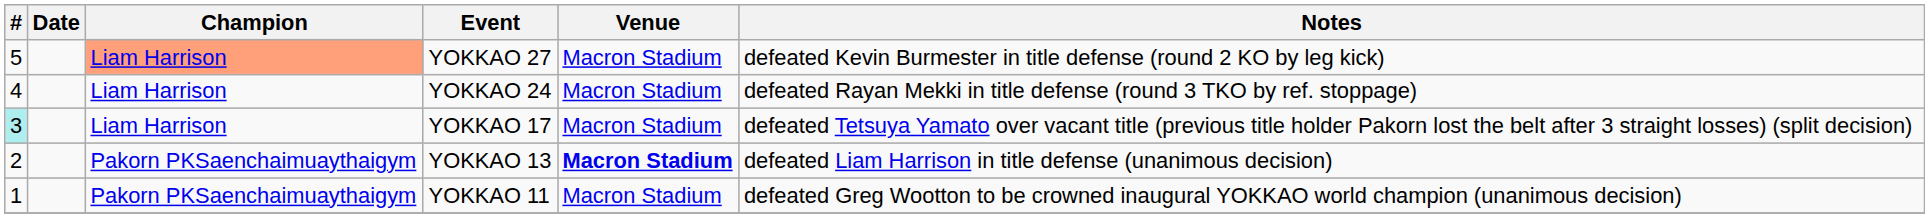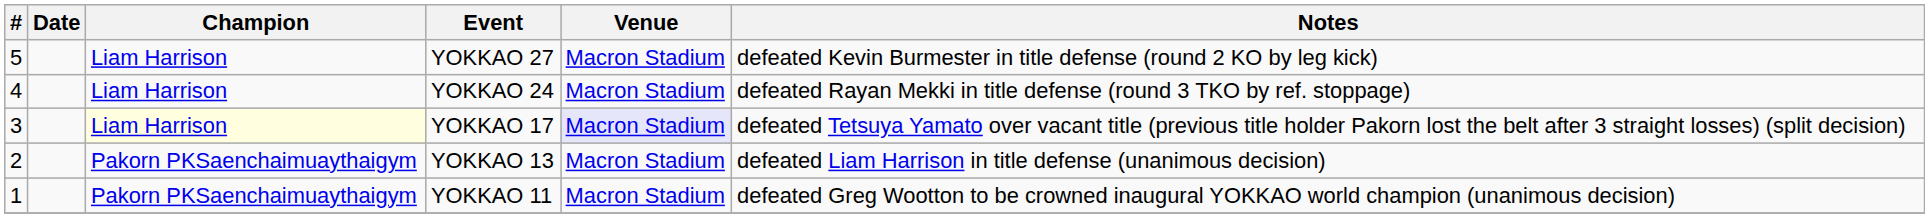 <table id="Events" class="wikitable sortable" style="width:100%; font-size:90%;">
 <tr>
 <th scope="col">#</th>
 <th scope="col">Date</th>
 <th scope="col">Champion</th>
 <th scope="col">Event</th>
 <th scope="col">Venue</th>
 <th scope="col">Notes</th>
 </tr>
 <tr>
 <td align=center>5</td>
 <td></td>
-<td style="background: lightsalmon;"> <a href='#'>Liam Harrison</a></td>
+<td> <a href='#'>Liam Harrison</a></td>
 <td>YOKKAO 27</td>
 <td><a href='#'>Macron Stadium</a></td>
 <td>defeated  Kevin Burmester in title defense (round 2 KO by leg kick)</td>
 </tr>
 <tr>
 <td align=center>4</td>
 <td></td>
 <td> <a href='#'>Liam Harrison</a></td>
 <td>YOKKAO 24</td>
 <td><a href='#'>Macron Stadium</a></td>
 <td>defeated  Rayan Mekki in title defense (round 3 TKO by ref. stoppage)</td>
 </tr>
 <tr>
-<td align=center style="background: paleturquoise;">3</td>
+<td align=center>3</td>
 <td></td>
-<td> <a href='#'>Liam Harrison</a></td>
+<td style="background: lightyellow;"> <a href='#'>Liam Harrison</a></td>
 <td>YOKKAO 17</td>
-<td><a href='#'>Macron Stadium</a></td>
+<td style="background: lavender;"><a href='#'>Macron Stadium</a></td>
 <td>defeated  <a href='#'>Tetsuya Yamato</a> over vacant title (previous title holder Pakorn lost the belt after 3 straight losses) (split decision)</td>
 </tr>
 <tr>
 <td align=center>2</td>
 <td></td>
 <td> <a href='#'>Pakorn PKSaenchaimuaythaigym</a></td>
 <td>YOKKAO 13</td>
-<td><strong><a href='#'>Macron Stadium</a></strong></td>
+<td><a href='#'>Macron Stadium</a></td>
 <td>defeated  <a href='#'>Liam Harrison</a> in title defense (unanimous decision)</td>
 </tr>
 <tr>
 <td align=center>1</td>
 <td></td>
 <td> <a href='#'>Pakorn PKSaenchaimuaythaigym</a></td>
 <td>YOKKAO 11</td>
 <td><a href='#'>Macron Stadium</a></td>
 <td>defeated  Greg Wootton to be crowned inaugural YOKKAO world champion (unanimous decision)</td>
 </tr>
 <tr>
 </tr>
 </table>
